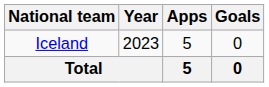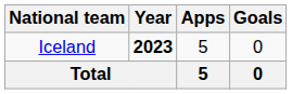 <table class="wikitable" style="text-align:center">
 <tr>
 <th>National team</th>
 <th>Year</th>
 <th>Apps</th>
 <th>Goals</th>
 </tr>
 <tr>
 <td><a href='#'>Iceland</a></td>
-<td>2023</td>
+<td><strong>2023</strong></td>
 <td>5</td>
 <td>0</td>
 </tr>
 <tr>
 <th colspan="2">Total</th>
 <th>5</th>
 <th>0</th>
 </tr>
 </table>
